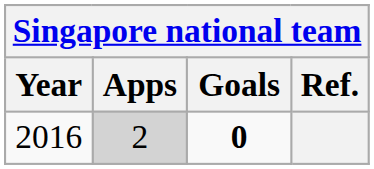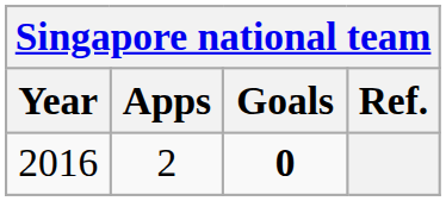 <table style="text-align:center" class="wikitable">
 <tr>
 <th colspan="4"><a href='#'>Singapore national team</a></th>
 </tr>
 <tr>
 <th>Year</th>
 <th>Apps</th>
 <th>Goals</th>
 <th>Ref.</th>
 </tr>
 <tr>
 <td>2016</td>
-<td style="background: lightgrey;">2</td>
+<td>2</td>
 <td><strong>0</strong></td>
 <th></th>
 </tr>
 </table>
